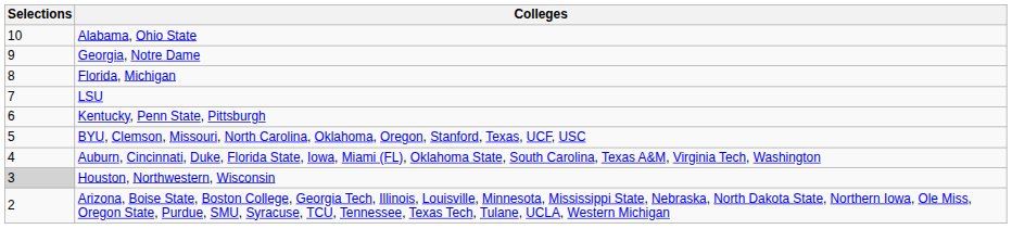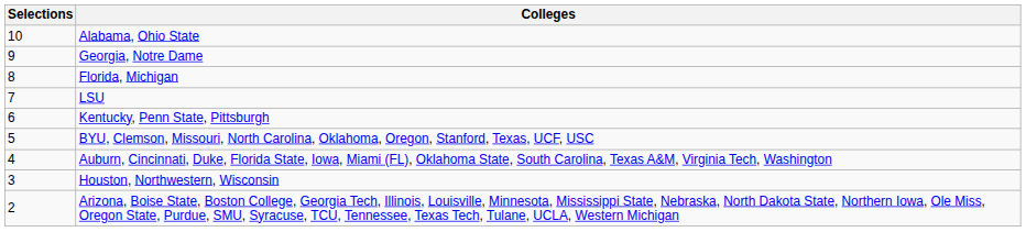 <table class="wikitable ">
 <tr>
 <th>Selections</th>
 <th>Colleges</th>
 </tr>
 <tr>
 <td>10</td>
 <td><a href='#'>Alabama</a>, <a href='#'>Ohio State</a></td>
 </tr>
 <tr>
 <td>9</td>
 <td><a href='#'>Georgia</a>, <a href='#'>Notre Dame</a></td>
 </tr>
 <tr>
 <td>8</td>
 <td><a href='#'>Florida</a>, <a href='#'>Michigan</a></td>
 </tr>
 <tr>
 <td>7</td>
 <td><a href='#'>LSU</a></td>
 </tr>
 <tr>
 <td>6</td>
 <td><a href='#'>Kentucky</a>, <a href='#'>Penn State</a>, <a href='#'>Pittsburgh</a></td>
 </tr>
 <tr>
 <td>5</td>
 <td><a href='#'>BYU</a>, <a href='#'>Clemson</a>, <a href='#'>Missouri</a>, <a href='#'>North Carolina</a>, <a href='#'>Oklahoma</a>, <a href='#'>Oregon</a>, <a href='#'>Stanford</a>, <a href='#'>Texas</a>, <a href='#'>UCF</a>, <a href='#'>USC</a></td>
 </tr>
 <tr>
 <td>4</td>
 <td><a href='#'>Auburn</a>, <a href='#'>Cincinnati</a>, <a href='#'>Duke</a>, <a href='#'>Florida State</a>, <a href='#'>Iowa</a>, <a href='#'>Miami (FL)</a>, <a href='#'>Oklahoma State</a>, <a href='#'>South Carolina</a>, <a href='#'>Texas A&M</a>, <a href='#'>Virginia Tech</a>, <a href='#'>Washington</a></td>
 </tr>
 <tr>
-<td style="background: lightgrey;">3</td>
+<td>3</td>
 <td><a href='#'>Houston</a>, <a href='#'>Northwestern</a>, <a href='#'>Wisconsin</a></td>
 </tr>
 <tr>
 <td>2</td>
 <td><a href='#'>Arizona</a>, <a href='#'>Boise State</a>, <a href='#'>Boston College</a>, <a href='#'>Georgia Tech</a>, <a href='#'>Illinois</a>, <a href='#'>Louisville</a>, <a href='#'>Minnesota</a>, <a href='#'>Mississippi State</a>, <a href='#'>Nebraska</a>, <a href='#'>North Dakota State</a>, <a href='#'>Northern Iowa</a>, <a href='#'>Ole Miss</a>, <a href='#'>Oregon State</a>, <a href='#'>Purdue</a>, <a href='#'>SMU</a>, <a href='#'>Syracuse</a>, <a href='#'>TCU</a>, <a href='#'>Tennessee</a>, <a href='#'>Texas Tech</a>, <a href='#'>Tulane</a>, <a href='#'>UCLA</a>, <a href='#'>Western Michigan</a></td>
 </tr>
 </table>
